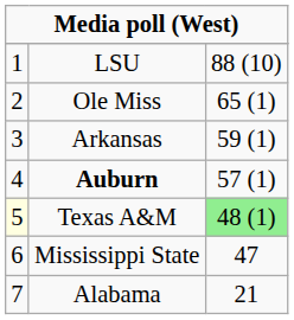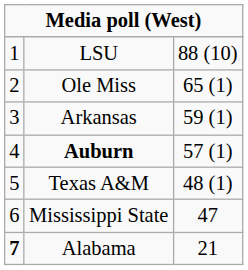 <table class="wikitable">
 <tr align="center">
 <td align="center" Colspan="3"><strong>Media poll (West)</strong></td>
 </tr>
 <tr align="center">
 </tr>
 <tr align="center">
 <td>1</td>
 <td>LSU</td>
 <td>88 (10)</td>
 </tr>
 <tr align="center">
 <td>2</td>
 <td>Ole Miss</td>
 <td>65 (1)</td>
 </tr>
 <tr align="center">
 <td>3</td>
 <td>Arkansas</td>
 <td>59 (1)</td>
 </tr>
 <tr align="center">
 <td>4</td>
 <td><strong>Auburn</strong></td>
 <td>57 (1)</td>
 </tr>
 <tr align="center">
-<td style="background: lightyellow;">5</td>
+<td>5</td>
 <td>Texas A&M</td>
-<td style="background: lightgreen;">48 (1)</td>
+<td>48 (1)</td>
 </tr>
 <tr align="center">
 <td>6</td>
 <td>Mississippi State</td>
 <td>47</td>
 </tr>
 <tr align="center">
-<td>7</td>
+<td><strong>7</strong></td>
 <td>Alabama</td>
 <td>21</td>
 </tr>
 </table>
